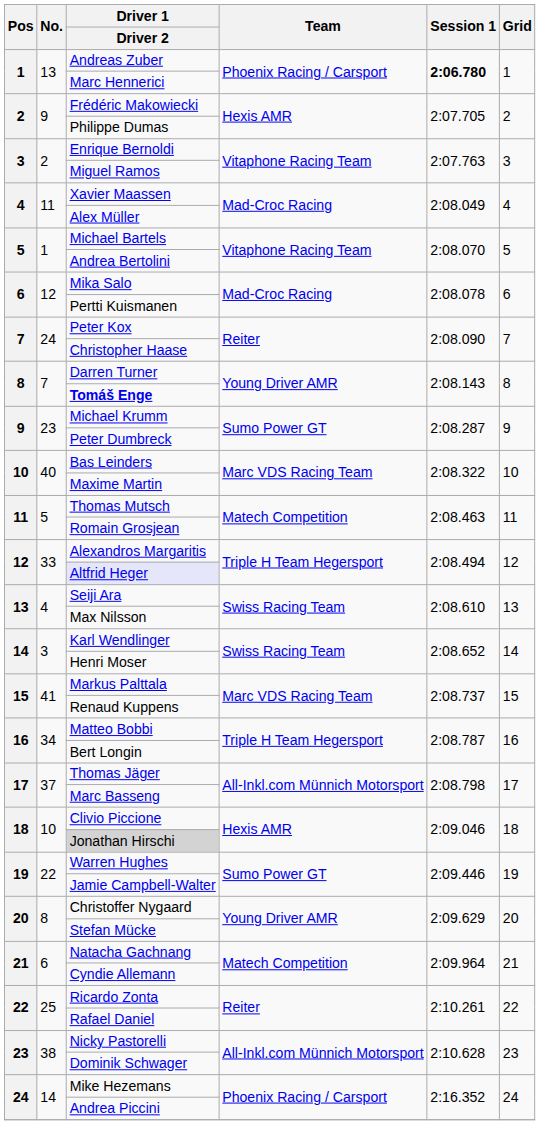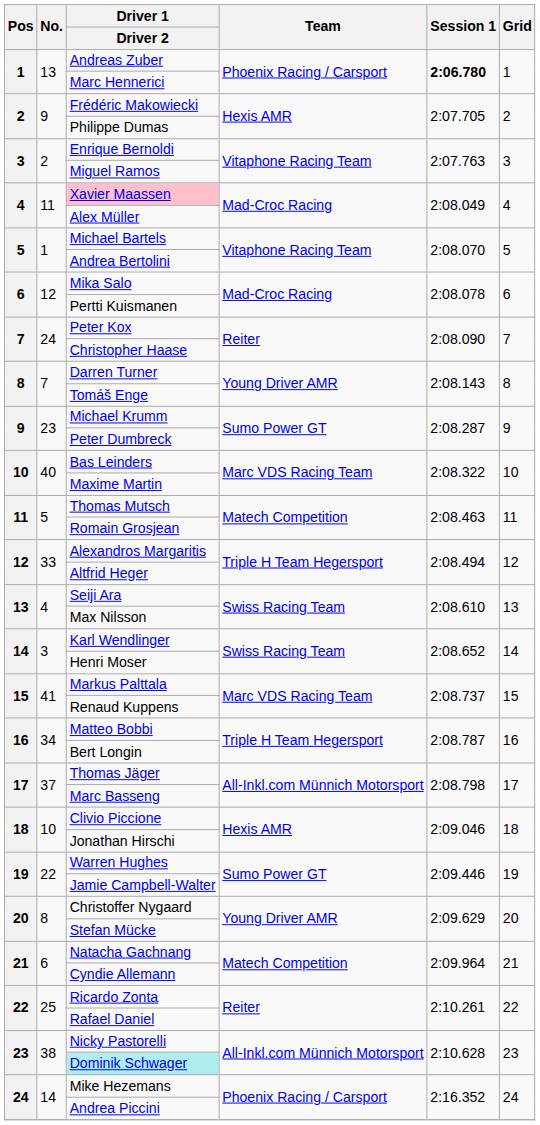 <table class="wikitable" style="font-size: 90%;">
 <tr>
 <th rowspan=2>Pos</th>
 <th rowspan=2>No.</th>
 <th>Driver 1</th>
 <th rowspan=2>Team</th>
 <th rowspan=2>Session 1</th>
 <th rowspan=2>Grid</th>
 </tr>
 <tr>
 <th>Driver 2</th>
 </tr>
 <tr>
 <th rowspan=2>1</th>
 <td rowspan=2>13</td>
 <td> <a href='#'>Andreas Zuber</a></td>
 <td rowspan=2> <a href='#'>Phoenix Racing / Carsport</a></td>
 <td rowspan=2><strong>2:06.780</strong></td>
 <td rowspan=2>1</td>
 </tr>
 <tr>
 <td> <a href='#'>Marc Hennerici</a></td>
 </tr>
 <tr>
 <th rowspan=2>2</th>
 <td rowspan=2>9</td>
 <td> <a href='#'>Frédéric Makowiecki</a></td>
 <td rowspan=2> <a href='#'>Hexis AMR</a></td>
 <td rowspan=2>2:07.705</td>
 <td rowspan=2>2</td>
 </tr>
 <tr>
 <td> Philippe Dumas</td>
 </tr>
 <tr>
 <th rowspan=2>3</th>
 <td rowspan=2>2</td>
 <td> <a href='#'>Enrique Bernoldi</a></td>
 <td rowspan=2> <a href='#'>Vitaphone Racing Team</a></td>
 <td rowspan=2>2:07.763</td>
 <td rowspan=2>3</td>
 </tr>
 <tr>
 <td> <a href='#'>Miguel Ramos</a></td>
 </tr>
 <tr>
 <th rowspan=2>4</th>
 <td rowspan=2>11</td>
-<td> <a href='#'>Xavier Maassen</a></td>
+<td style="background: pink;"> <a href='#'>Xavier Maassen</a></td>
 <td rowspan=2> <a href='#'>Mad-Croc Racing</a></td>
 <td rowspan=2>2:08.049</td>
 <td rowspan=2>4</td>
 </tr>
 <tr>
 <td> <a href='#'>Alex Müller</a></td>
 </tr>
 <tr>
 <th rowspan=2>5</th>
 <td rowspan=2>1</td>
 <td> <a href='#'>Michael Bartels</a></td>
 <td rowspan=2> <a href='#'>Vitaphone Racing Team</a></td>
 <td rowspan=2>2:08.070</td>
 <td rowspan=2>5</td>
 </tr>
 <tr>
 <td> <a href='#'>Andrea Bertolini</a></td>
 </tr>
 <tr>
 <th rowspan=2>6</th>
 <td rowspan=2>12</td>
 <td> <a href='#'>Mika Salo</a></td>
 <td rowspan=2> <a href='#'>Mad-Croc Racing</a></td>
 <td rowspan=2>2:08.078</td>
 <td rowspan=2>6</td>
 </tr>
 <tr>
 <td> Pertti Kuismanen</td>
 </tr>
 <tr>
 <th rowspan=2>7</th>
 <td rowspan=2>24</td>
 <td> <a href='#'>Peter Kox</a></td>
 <td rowspan=2> <a href='#'>Reiter</a></td>
 <td rowspan=2>2:08.090</td>
 <td rowspan=2>7</td>
 </tr>
 <tr>
 <td> <a href='#'>Christopher Haase</a></td>
 </tr>
 <tr>
 <th rowspan=2>8</th>
 <td rowspan=2>7</td>
 <td> <a href='#'>Darren Turner</a></td>
 <td rowspan=2> <a href='#'>Young Driver AMR</a></td>
 <td rowspan=2>2:08.143</td>
 <td rowspan=2>8</td>
 </tr>
 <tr>
-<td><strong> <a href='#'>Tomáš Enge</a></strong></td>
+<td> <a href='#'>Tomáš Enge</a></td>
 </tr>
 <tr>
 <th rowspan=2>9</th>
 <td rowspan=2>23</td>
 <td> <a href='#'>Michael Krumm</a></td>
 <td rowspan=2> <a href='#'>Sumo Power GT</a></td>
 <td rowspan=2>2:08.287</td>
 <td rowspan=2>9</td>
 </tr>
 <tr>
 <td> <a href='#'>Peter Dumbreck</a></td>
 </tr>
 <tr>
 <th rowspan=2>10</th>
 <td rowspan=2>40</td>
 <td> <a href='#'>Bas Leinders</a></td>
 <td rowspan=2> <a href='#'>Marc VDS Racing Team</a></td>
 <td rowspan=2>2:08.322</td>
 <td rowspan=2>10</td>
 </tr>
 <tr>
 <td> <a href='#'>Maxime Martin</a></td>
 </tr>
 <tr>
 <th rowspan=2>11</th>
 <td rowspan=2>5</td>
 <td> <a href='#'>Thomas Mutsch</a></td>
 <td rowspan=2> <a href='#'>Matech Competition</a></td>
 <td rowspan=2>2:08.463</td>
 <td rowspan=2>11</td>
 </tr>
 <tr>
 <td> <a href='#'>Romain Grosjean</a></td>
 </tr>
 <tr>
 <th rowspan=2>12</th>
 <td rowspan=2>33</td>
 <td> <a href='#'>Alexandros Margaritis</a></td>
 <td rowspan=2> <a href='#'>Triple H Team Hegersport</a></td>
 <td rowspan=2>2:08.494</td>
 <td rowspan=2>12</td>
 </tr>
 <tr>
-<td style="background: lavender;"> <a href='#'>Altfrid Heger</a></td>
+<td> <a href='#'>Altfrid Heger</a></td>
 </tr>
 <tr>
 <th rowspan=2>13</th>
 <td rowspan=2>4</td>
 <td> <a href='#'>Seiji Ara</a></td>
 <td rowspan=2> <a href='#'>Swiss Racing Team</a></td>
 <td rowspan=2>2:08.610</td>
 <td rowspan=2>13</td>
 </tr>
 <tr>
 <td> Max Nilsson</td>
 </tr>
 <tr>
 <th rowspan=2>14</th>
 <td rowspan=2>3</td>
 <td> <a href='#'>Karl Wendlinger</a></td>
 <td rowspan=2> <a href='#'>Swiss Racing Team</a></td>
 <td rowspan=2>2:08.652</td>
 <td rowspan=2>14</td>
 </tr>
 <tr>
 <td> Henri Moser</td>
 </tr>
 <tr>
 <th rowspan=2>15</th>
 <td rowspan=2>41</td>
 <td> <a href='#'>Markus Palttala</a></td>
 <td rowspan=2> <a href='#'>Marc VDS Racing Team</a></td>
 <td rowspan=2>2:08.737</td>
 <td rowspan=2>15</td>
 </tr>
 <tr>
 <td> Renaud Kuppens</td>
 </tr>
 <tr>
 <th rowspan=2>16</th>
 <td rowspan=2>34</td>
 <td> <a href='#'>Matteo Bobbi</a></td>
 <td rowspan=2> <a href='#'>Triple H Team Hegersport</a></td>
 <td rowspan=2>2:08.787</td>
 <td rowspan=2>16</td>
 </tr>
 <tr>
 <td> Bert Longin</td>
 </tr>
 <tr>
 <th rowspan=2>17</th>
 <td rowspan=2>37</td>
 <td> <a href='#'>Thomas Jäger</a></td>
 <td rowspan=2> <a href='#'>All-Inkl.com Münnich Motorsport</a></td>
 <td rowspan=2>2:08.798</td>
 <td rowspan=2>17</td>
 </tr>
 <tr>
 <td> <a href='#'>Marc Basseng</a></td>
 </tr>
 <tr>
 <th rowspan=2>18</th>
 <td rowspan=2>10</td>
 <td> <a href='#'>Clivio Piccione</a></td>
 <td rowspan=2> <a href='#'>Hexis AMR</a></td>
 <td rowspan=2>2:09.046</td>
 <td rowspan=2>18</td>
 </tr>
 <tr>
-<td style="background: lightgrey;"> Jonathan Hirschi</td>
+<td> Jonathan Hirschi</td>
 </tr>
 <tr>
 <th rowspan=2>19</th>
 <td rowspan=2>22</td>
 <td> <a href='#'>Warren Hughes</a></td>
 <td rowspan=2> <a href='#'>Sumo Power GT</a></td>
 <td rowspan=2>2:09.446</td>
 <td rowspan=2>19</td>
 </tr>
 <tr>
 <td> <a href='#'>Jamie Campbell-Walter</a></td>
 </tr>
 <tr>
 <th rowspan=2>20</th>
 <td rowspan=2>8</td>
 <td> Christoffer Nygaard</td>
 <td rowspan=2> <a href='#'>Young Driver AMR</a></td>
 <td rowspan=2>2:09.629</td>
 <td rowspan=2>20</td>
 </tr>
 <tr>
 <td> <a href='#'>Stefan Mücke</a></td>
 </tr>
 <tr>
 <th rowspan=2>21</th>
 <td rowspan=2>6</td>
 <td> <a href='#'>Natacha Gachnang</a></td>
 <td rowspan=2> <a href='#'>Matech Competition</a></td>
 <td rowspan=2>2:09.964</td>
 <td rowspan=2>21</td>
 </tr>
 <tr>
 <td> <a href='#'>Cyndie Allemann</a></td>
 </tr>
 <tr>
 <th rowspan=2>22</th>
 <td rowspan=2>25</td>
 <td> <a href='#'>Ricardo Zonta</a></td>
 <td rowspan=2> <a href='#'>Reiter</a></td>
 <td rowspan=2>2:10.261</td>
 <td rowspan=2>22</td>
 </tr>
 <tr>
 <td> <a href='#'>Rafael Daniel</a></td>
 </tr>
 <tr>
 <th rowspan=2>23</th>
 <td rowspan=2>38</td>
 <td> <a href='#'>Nicky Pastorelli</a></td>
 <td rowspan=2> <a href='#'>All-Inkl.com Münnich Motorsport</a></td>
 <td rowspan=2>2:10.628</td>
 <td rowspan=2>23</td>
 </tr>
 <tr>
-<td> <a href='#'>Dominik Schwager</a></td>
+<td style="background: paleturquoise;"> <a href='#'>Dominik Schwager</a></td>
 </tr>
 <tr>
 <th rowspan=2>24</th>
 <td rowspan=2>14</td>
 <td> Mike Hezemans</td>
 <td rowspan=2> <a href='#'>Phoenix Racing / Carsport</a></td>
 <td rowspan=2>2:16.352</td>
 <td rowspan=2>24</td>
 </tr>
 <tr>
 <td> <a href='#'>Andrea Piccini</a></td>
 </tr>
 <tr>
 </tr>
 </table>
